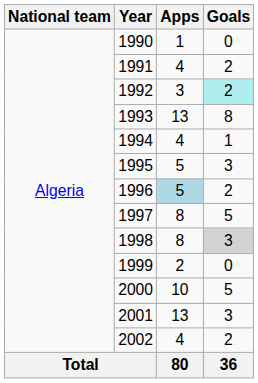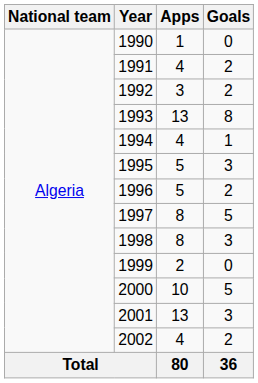 <table class="wikitable" style="text-align:center">
 <tr>
 <th>National team</th>
 <th>Year</th>
 <th>Apps</th>
 <th>Goals</th>
 </tr>
 <tr>
 <td rowspan="13"><a href='#'>Algeria</a></td>
 <td>1990</td>
 <td>1</td>
 <td>0</td>
 </tr>
 <tr>
 <td>1991</td>
 <td>4</td>
 <td>2</td>
 </tr>
 <tr>
 <td>1992</td>
 <td>3</td>
-<td style="background: paleturquoise;">2</td>
+<td>2</td>
 </tr>
 <tr>
 <td>1993</td>
 <td>13</td>
 <td>8</td>
 </tr>
 <tr>
 <td>1994</td>
 <td>4</td>
 <td>1</td>
 </tr>
 <tr>
 <td>1995</td>
 <td>5</td>
 <td>3</td>
 </tr>
 <tr>
 <td>1996</td>
-<td style="background: lightblue;">5</td>
+<td>5</td>
 <td>2</td>
 </tr>
 <tr>
 <td>1997</td>
 <td>8</td>
 <td>5</td>
 </tr>
 <tr>
 <td>1998</td>
 <td>8</td>
-<td style="background: lightgrey;">3</td>
+<td>3</td>
 </tr>
 <tr>
 <td>1999</td>
 <td>2</td>
 <td>0</td>
 </tr>
 <tr>
 <td>2000</td>
 <td>10</td>
 <td>5</td>
 </tr>
 <tr>
 <td>2001</td>
 <td>13</td>
 <td>3</td>
 </tr>
 <tr>
 <td>2002</td>
 <td>4</td>
 <td>2</td>
 </tr>
 <tr>
 <th colspan="2">Total</th>
 <th>80</th>
 <th>36</th>
 </tr>
 </table>
